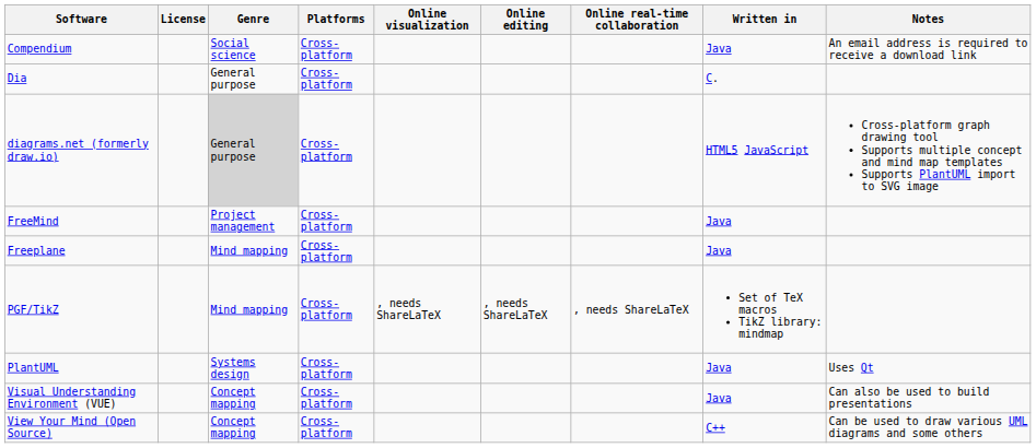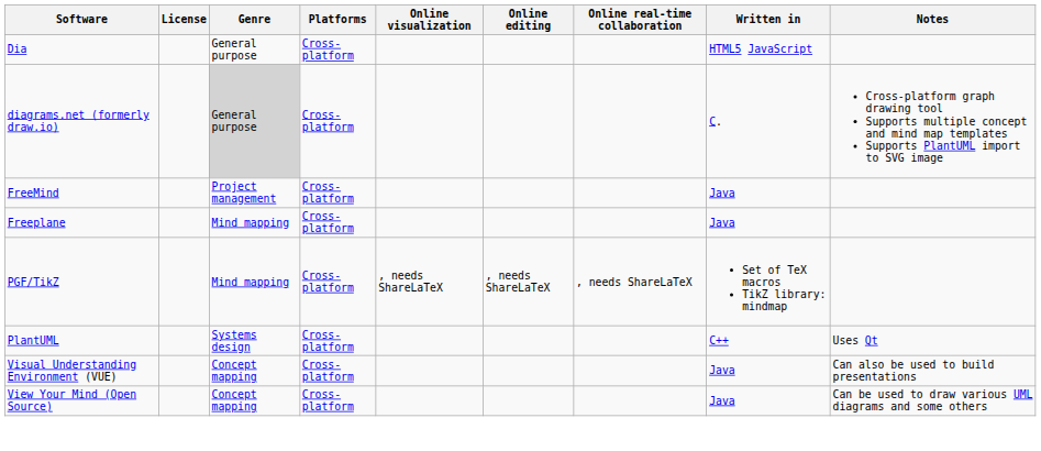 <table class="wikitable sortable sort-under mw-collapsible ">
 <tr>
 <th>Software</th>
 <th>License</th>
 <th>Genre</th>
 <th>Platforms</th>
 <th>Online visualization</th>
 <th>Online editing</th>
 <th>Online real-time collaboration</th>
 <th>Written in</th>
 <th>Notes</th>
 </tr>
 <tr>
-<td><a href='#'>Compendium</a></td>
-<td></td>
-<td><a href='#'>Social science</a></td>
-<td><a href='#'>Cross-platform</a></td>
-<td></td>
-<td></td>
-<td></td>
-<td><a href='#'>Java</a></td>
-<td>An email address is required to receive a download link</td>
-</tr>
-<tr>
 <td><a href='#'>Dia</a></td>
 <td></td>
 <td>General purpose</td>
 <td><a href='#'>Cross-platform</a></td>
 <td></td>
 <td></td>
 <td></td>
-<td><a href='#'>C</a>.</td>
+<td><a href='#'>HTML5</a> <a href='#'>JavaScript</a></td>
 <td></td>
 </tr>
 <tr>
 <td><a href='#'>diagrams.net (formerly draw.io)</a></td>
 <td></td>
 <td style="background: lightgrey;">General purpose</td>
 <td><a href='#'>Cross-platform</a></td>
 <td></td>
 <td></td>
 <td></td>
-<td><a href='#'>HTML5</a> <a href='#'>JavaScript</a></td>
+<td><a href='#'>C</a>.</td>
 <td><br><ul><li>Cross-platform graph drawing tool</li><li>Supports multiple concept and mind map templates</li><li>Supports <a href='#'>PlantUML</a> import to SVG image</li></ul></td>
 </tr>
 <tr>
 <td><a href='#'>FreeMind</a></td>
 <td></td>
 <td><a href='#'>Project management</a></td>
 <td><a href='#'>Cross-platform</a></td>
 <td></td>
 <td></td>
 <td></td>
 <td><a href='#'>Java</a></td>
 <td></td>
 </tr>
 <tr>
 <td><a href='#'>Freeplane</a></td>
 <td></td>
 <td><a href='#'>Mind mapping</a></td>
 <td><a href='#'>Cross-platform</a></td>
 <td></td>
 <td></td>
 <td></td>
 <td><a href='#'>Java</a></td>
 <td></td>
 </tr>
 <tr>
 <td><a href='#'>PGF/TikZ</a></td>
 <td></td>
 <td><a href='#'>Mind mapping</a></td>
 <td><a href='#'>Cross-platform</a></td>
 <td>, needs ShareLaTeX</td>
 <td>, needs ShareLaTeX</td>
 <td>, needs ShareLaTeX</td>
 <td><br><ul><li>Set of TeX macros</li><li>TikZ library: mindmap</li></ul></td>
 </tr>
 <tr>
 <td><a href='#'>PlantUML</a></td>
 <td></td>
 <td><a href='#'>Systems design</a></td>
 <td><a href='#'>Cross-platform</a></td>
 <td></td>
 <td></td>
 <td></td>
-<td><a href='#'>Java</a></td>
+<td><a href='#'>C++</a></td>
 <td>Uses <a href='#'>Qt</a></td>
 </tr>
 <tr>
 <td><a href='#'>Visual Understanding Environment</a> (VUE)</td>
 <td></td>
 <td><a href='#'>Concept mapping</a></td>
 <td><a href='#'>Cross-platform</a></td>
 <td></td>
 <td></td>
 <td></td>
 <td><a href='#'>Java</a></td>
 <td>Can also be used to build presentations</td>
 </tr>
 <tr>
 <td><a href='#'>View Your Mind (Open Source)</a></td>
 <td></td>
 <td><a href='#'>Concept mapping</a></td>
 <td><a href='#'>Cross-platform</a></td>
 <td></td>
 <td></td>
 <td></td>
-<td><a href='#'>C++</a></td>
+<td><a href='#'>Java</a></td>
 <td>Can be used to draw various <a href='#'>UML</a> diagrams and some others</td>
 </tr>
 </table>
